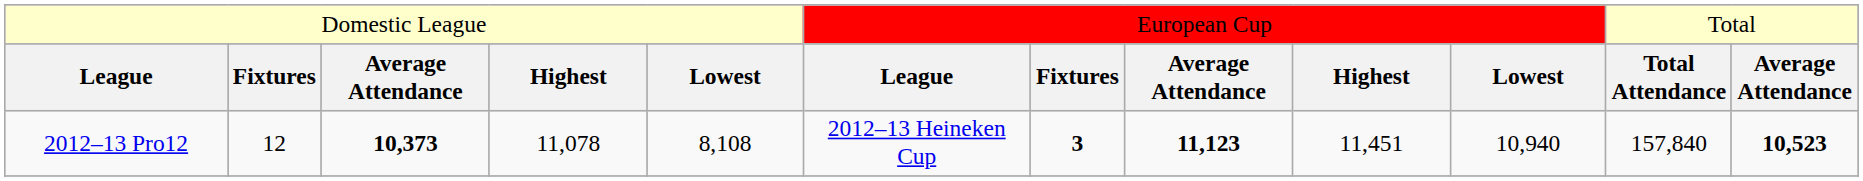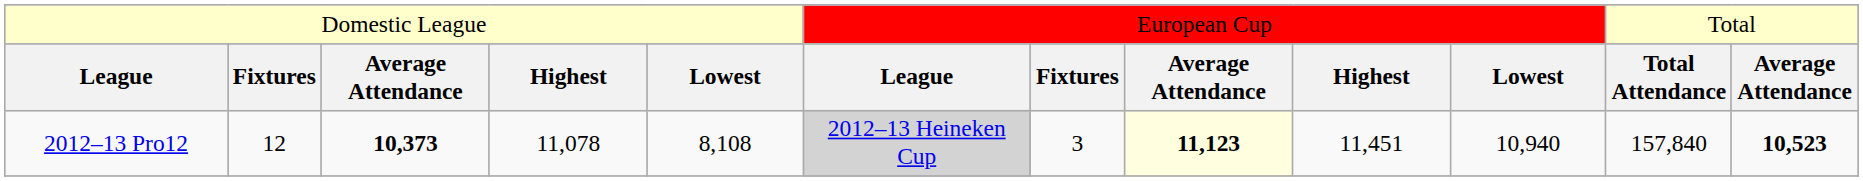 <table class="wikitable sortable" style="font-size:90%; width:90%;">
 <tr>
 <td colspan="5" class="wikitable sortable" style="width:45%; background:#ffffcc; text-align:center;"><span>Domestic League</span></td>
 <td colspan="5" class="wikitable sortable" style="width:45%; background:#f00; text-align:center;"><span>European Cup</span></td>
 <td colspan="2" class="wikitable sortable" style="width:45%; background:#ffffcc; text-align:center;"><span>Total</span></td>
 </tr>
 <tr>
 <th style="width:15%;">League</th>
 <th style="width:5%;">Fixtures</th>
 <th style="width:10%;">Average Attendance</th>
 <th style="width:10%;">Highest</th>
 <th style="width:10%;">Lowest</th>
 <th style="width:15%;">League</th>
 <th style="width:5%;">Fixtures</th>
 <th style="width:10%;">Average Attendance</th>
 <th style="width:10%;">Highest</th>
 <th style="width:10%;">Lowest</th>
 <th style="width:10%;">Total Attendance</th>
 <th style="width:10%;">Average Attendance</th>
 </tr>
 <tr>
 <td align=center><a href='#'>2012–13 Pro12</a></td>
 <td align=center>12</td>
 <td align=center><strong>10,373</strong></td>
 <td align=center>11,078</td>
 <td align=center>8,108</td>
-<td align=center><a href='#'>2012–13 Heineken Cup</a></td>
-<td align=center><strong>3</strong></td>
-<td align=center><strong>11,123</strong></td>
+<td align=center style="background: lightgrey;"><a href='#'>2012–13 Heineken Cup</a></td>
+<td align=center>3</td>
+<td align=center style="background: lightyellow;"><strong>11,123</strong></td>
 <td align=center>11,451</td>
 <td align=center>10,940</td>
 <td align=center>157,840</td>
 <td align=center><strong>10,523</strong></td>
 </tr>
 </table>
